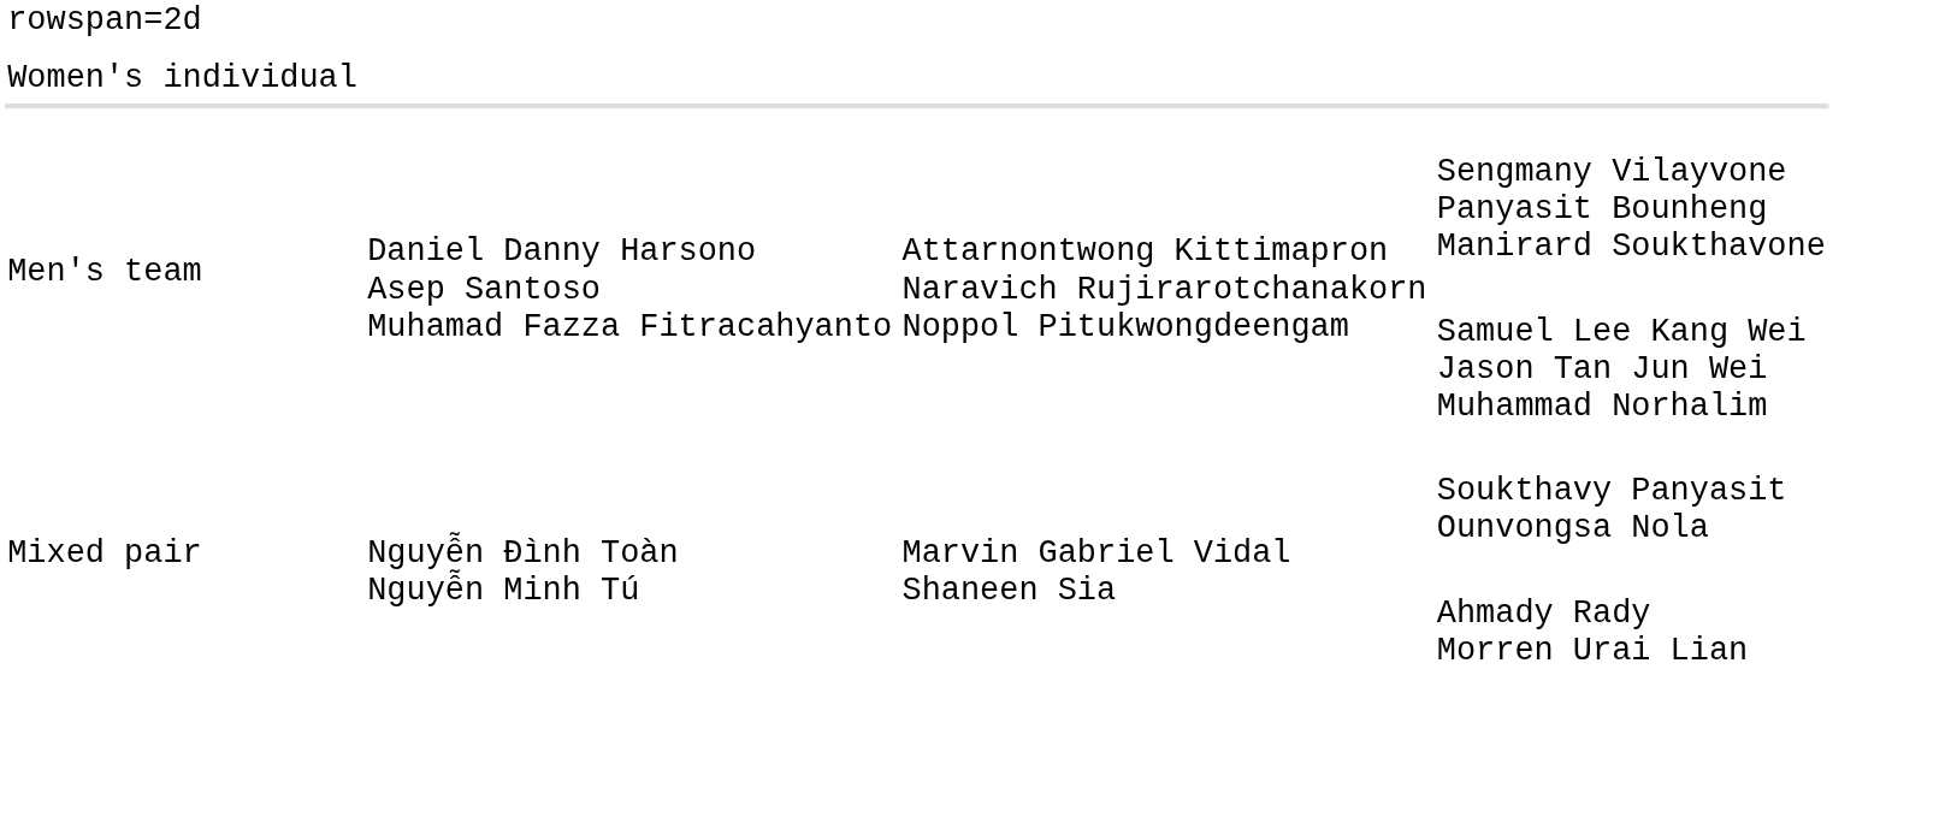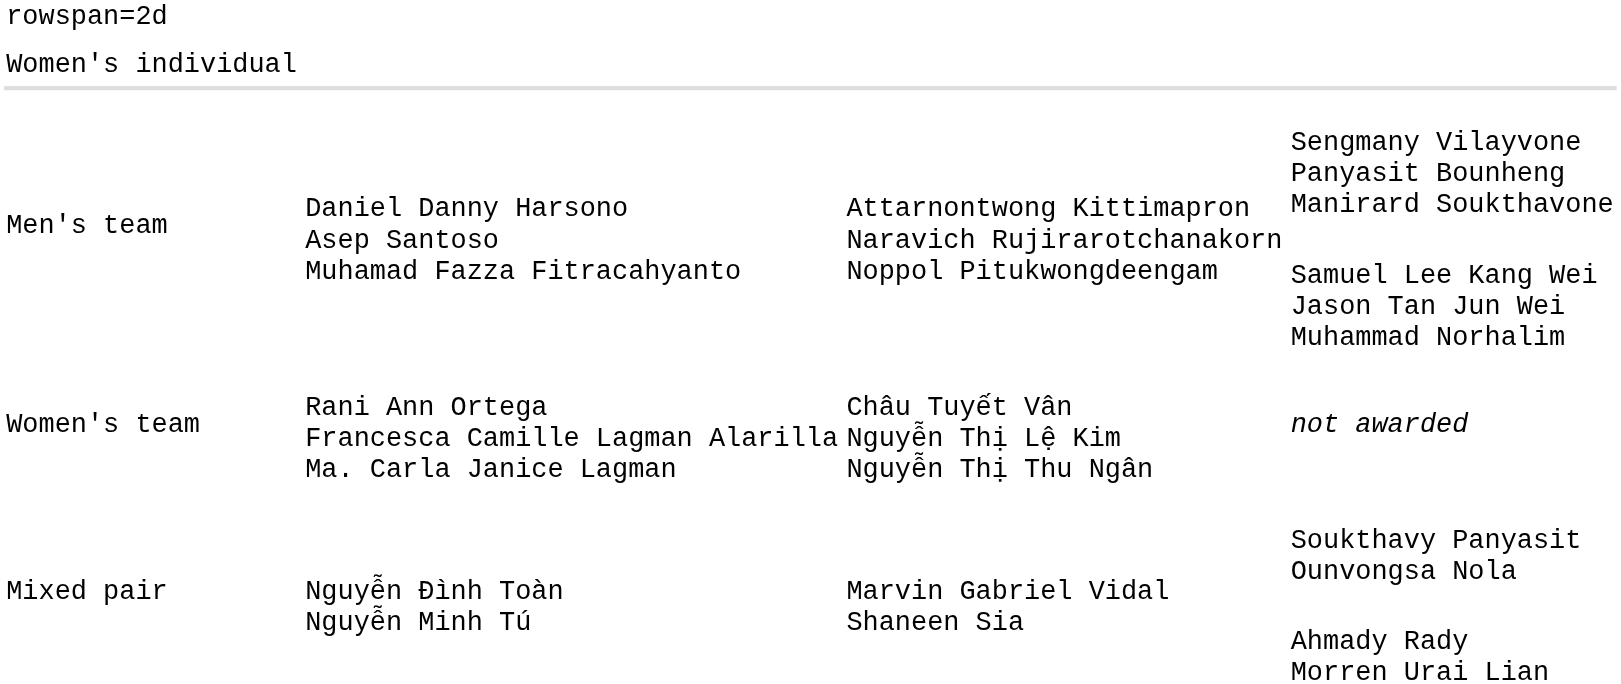 <table>
 <tr>
 <td>rowspan=2d</td>
 <td rowspan=2></td>
 <td rowspan=2></td>
 <td></td>
 </tr>
 <tr>
 <td></td>
 </tr>
 <tr>
 <td rowspan=2>Women's individual</td>
 <td rowspan=2></td>
 <td rowspan=2></td>
 <td></td>
 </tr>
 <tr>
 <td nowrap></td>
 </tr>
 <tr bgcolor=#dddddd>
 <td colspan=4></td>
 </tr>
 <tr>
 <td rowspan=2>Men's team</td>
 <td rowspan=2><br>Daniel Danny Harsono<br>Asep Santoso<br>Muhamad Fazza Fitracahyanto</td>
 <td rowspan=2 nowrap><br>Attarnontwong Kittimapron<br>Naravich Rujirarotchanakorn<br>Noppol Pitukwongdeengam</td>
 <td><br>Sengmany Vilayvone<br>Panyasit Bounheng<br>Manirard Soukthavone</td>
 </tr>
 <tr>
 <td><br>Samuel Lee Kang Wei<br>Jason Tan Jun Wei<br>Muhammad Norhalim</td>
 </tr>
 <tr>
+<td>Women's team</td>
+<td nowrap><br>Rani Ann Ortega<br>Francesca Camille Lagman Alarilla<br>Ma. Carla Janice Lagman</td>
+<td><br>Châu Tuyết Vân<br>Nguyễn Thị Lệ Kim<br>Nguyễn Thị Thu Ngân</td>
+<td><em>not awarded</em></td>
+</tr>
+<tr>
 <td rowspan=2>Mixed pair</td>
 <td rowspan=2><br>Nguyễn Đình Toàn<br>Nguyễn Minh Tú</td>
 <td rowspan=2><br>Marvin Gabriel Vidal<br>Shaneen Sia</td>
 <td><br>Soukthavy Panyasit<br>Ounvongsa Nola</td>
 </tr>
 <tr>
 <td><br>Ahmady Rady<br>Morren Urai Lian</td>
 </tr>
 </table>
